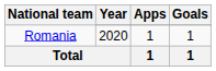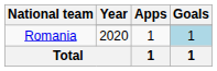 <table class="wikitable" style="text-align: center;">
 <tr>
 <th>National team</th>
 <th>Year</th>
 <th>Apps</th>
 <th>Goals</th>
 </tr>
 <tr>
 <td rowspan="2"><a href='#'>Romania</a></td>
 </tr>
 <tr>
 <td>2020</td>
 <td>1</td>
-<td>1</td>
+<td style="background: lightblue;">1</td>
 </tr>
 <tr>
 <th colspan="2">Total</th>
 <th>1</th>
 <th>1</th>
 </tr>
 </table>
